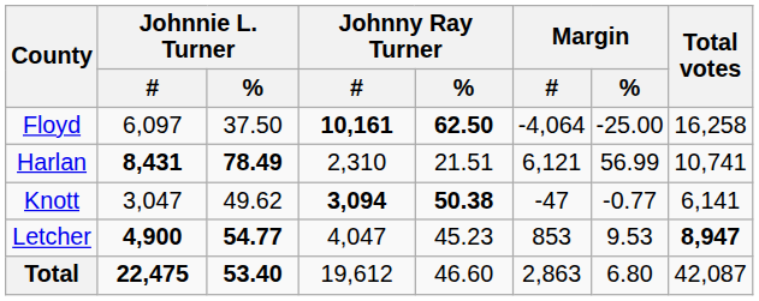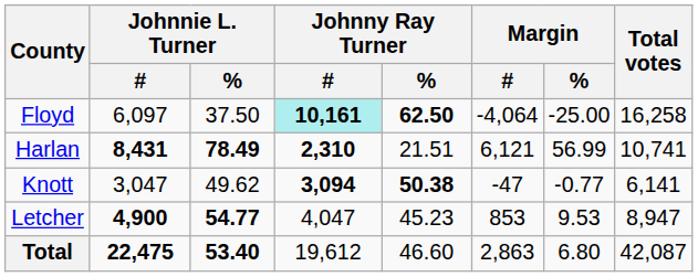 <table width="40%" class="wikitable sortable">
 <tr>
 <th rowspan="2" colspan="1" style="text-align:center">County</th>
 <th colspan="2" style="text-align: center;">Johnnie L. Turner</th>
 <th colspan="2" style="text-align: center;">Johnny Ray Turner</th>
 <th colspan="2">Margin</th>
 <th colspan="1" rowspan="2" style="text-align: center;">Total<br>votes</th>
 </tr>
 <tr>
 <th colspan="1" style="text-align: center;">#</th>
 <th colspan="1" style="text-align: center;">%</th>
 <th colspan="1" style="text-align: center;">#</th>
 <th colspan="1" style="text-align: center;">%</th>
 <th>#</th>
 <th>%</th>
 </tr>
 <tr>
 <td align="center"  ><a href='#'>Floyd</a></td>
 <td align="center">6,097</td>
 <td align="center">37.50</td>
-<td align="center"><strong>10,161</strong></td>
+<td align="center" style="background: paleturquoise;"><strong>10,161</strong></td>
 <td align="center"><strong>62.50</strong></td>
 <td align="center">-4,064</td>
 <td align="center">-25.00</td>
 <td align="center">16,258</td>
 </tr>
 <tr>
 <td align="center"  ><a href='#'>Harlan</a></td>
 <td align="center"><strong>8,431</strong></td>
 <td align="center"><strong>78.49</strong></td>
-<td align="center">2,310</td>
+<td align="center"><strong>2,310</strong></td>
 <td align="center">21.51</td>
 <td align="center">6,121</td>
 <td align="center">56.99</td>
 <td align="center">10,741</td>
 </tr>
 <tr>
 <td align="center"  ><a href='#'>Knott</a></td>
 <td align="center">3,047</td>
 <td align="center">49.62</td>
 <td align="center"><strong>3,094</strong></td>
 <td align="center"><strong>50.38</strong></td>
 <td align="center">-47</td>
 <td align="center">-0.77</td>
 <td align="center">6,141</td>
 </tr>
 <tr>
 <td align="center"  ><a href='#'>Letcher</a></td>
 <td align="center"><strong>4,900</strong></td>
 <td align="center"><strong>54.77</strong></td>
 <td align="center">4,047</td>
 <td align="center">45.23</td>
 <td align="center">853</td>
 <td align="center">9.53</td>
-<td align="center"><strong>8,947</strong></td>
+<td align="center">8,947</td>
 </tr>
 <tr>
 <th align="center">Total</th>
 <td align="center"><strong>22,475</strong></td>
 <td align="center"><strong>53.40</strong></td>
 <td align="center">19,612</td>
 <td align="center">46.60</td>
 <td align="center">2,863</td>
 <td align="center">6.80</td>
 <td align="center">42,087</td>
 </tr>
 </table>
